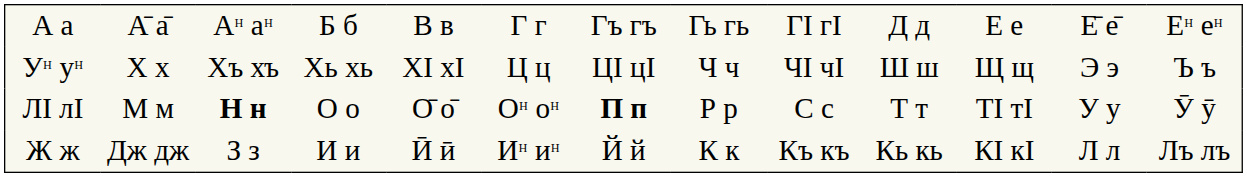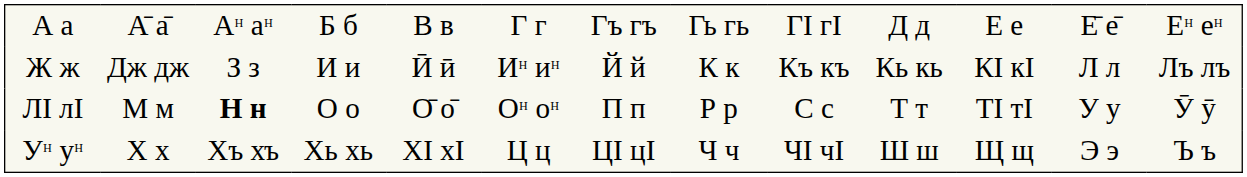 <table style="font-family:Arial Unicode MS; font-size:1.4em; border-color:#000; border-width:1px; border-style:solid; border-collapse:collapse; background:#f8f8ef;">
 <tr>
 <td style="width:3em; text-align:center; padding: 3px;">А а</td>
 <td style="width:3em; text-align:center; padding: 3px;">А̄ а̄</td>
 <td style="width:3em; text-align:center; padding: 3px;">Аᵸ аᵸ</td>
 <td style="width:3em; text-align:center; padding: 3px;">Б б</td>
 <td style="width:3em; text-align:center; padding: 3px;">В в</td>
 <td style="width:3em; text-align:center; padding: 3px;">Г г</td>
 <td style="width:3em; text-align:center; padding: 3px;">Гъ гъ</td>
 <td style="width:3em; text-align:center; padding: 3px;">Гь гь</td>
 <td style="width:3em; text-align:center; padding: 3px;">ГI гI</td>
 <td style="width:3em; text-align:center; padding: 3px;">Д д</td>
 <td style="width:3em; text-align:center; padding: 3px;">Е е</td>
 <td style="width:3em; text-align:center; padding: 3px;">Е̄ е̄</td>
 <td style="width:3em; text-align:center; padding: 3px;">Еᵸ еᵸ</td>
 </tr>
 <tr>
+<td style="width:3em; text-align:center; padding: 3px;">Ж ж</td>
+<td style="width:3em; text-align:center; padding: 3px;">Дж дж</td>
+<td style="width:3em; text-align:center; padding: 3px;">З з</td>
+<td style="width:3em; text-align:center; padding: 3px;">И и</td>
+<td style="width:3em; text-align:center; padding: 3px;">Ӣ ӣ</td>
+<td style="width:3em; text-align:center; padding: 3px;">Иᵸ иᵸ</td>
+<td style="width:3em; text-align:center; padding: 3px;">Й й</td>
+<td style="width:3em; text-align:center; padding: 3px;">К к</td>
+<td style="width:3em; text-align:center; padding: 3px;">Къ къ</td>
+<td style="width:3em; text-align:center; padding: 3px;">Кь кь</td>
+<td style="width:3em; text-align:center; padding: 3px;">КI кI</td>
+<td style="width:3em; text-align:center; padding: 3px;">Л л</td>
+<td style="width:3em; text-align:center; padding: 3px;">Лъ лъ</td>
+</tr>
+<tr>
+<td style="width:3em; text-align:center; padding: 3px;">ЛI лI</td>
+<td style="width:3em; text-align:center; padding: 3px;">М м</td>
+<td style="width:3em; text-align:center; padding: 3px;"><strong>Н н</strong></td>
+<td style="width:3em; text-align:center; padding: 3px;">О о</td>
+<td style="width:3em; text-align:center; padding: 3px;">О̄ о̄</td>
+<td style="width:3em; text-align:center; padding: 3px;">Оᵸ оᵸ</td>
+<td style="width:3em; text-align:center; padding: 3px;">П п</td>
+<td style="width:3em; text-align:center; padding: 3px;">Р р</td>
+<td style="width:3em; text-align:center; padding: 3px;">С с</td>
+<td style="width:3em; text-align:center; padding: 3px;">Т т</td>
+<td style="width:3em; text-align:center; padding: 3px;">ТI тI</td>
+<td style="width:3em; text-align:center; padding: 3px;">У у</td>
+<td style="width:3em; text-align:center; padding: 3px;">Ӯ ӯ</td>
+</tr>
+<tr>
 <td style="width:3em; text-align:center; padding: 3px;">Уᵸ уᵸ</td>
 <td style="width:3em; text-align:center; padding: 3px;">Х х</td>
 <td style="width:3em; text-align:center; padding: 3px;">Хъ хъ</td>
 <td style="width:3em; text-align:center; padding: 3px;">Хь хь</td>
 <td style="width:3em; text-align:center; padding: 3px;">ХI хI</td>
 <td style="width:3em; text-align:center; padding: 3px;">Ц ц</td>
 <td style="width:3em; text-align:center; padding: 3px;">ЦI цI</td>
 <td style="width:3em; text-align:center; padding: 3px;">Ч ч</td>
 <td style="width:3em; text-align:center; padding: 3px;">ЧI чI</td>
 <td style="width:3em; text-align:center; padding: 3px;">Ш ш</td>
 <td style="width:3em; text-align:center; padding: 3px;">Щ щ</td>
 <td style="width:3em; text-align:center; padding: 3px;">Э э</td>
 <td style="width:3em; text-align:center; padding: 3px;">Ъ ъ</td>
 </tr>
-<tr>
-<td style="width:3em; text-align:center; padding: 3px;">ЛI лI</td>
-<td style="width:3em; text-align:center; padding: 3px;">М м</td>
-<td style="width:3em; text-align:center; padding: 3px;"><strong>Н н</strong></td>
-<td style="width:3em; text-align:center; padding: 3px;">О о</td>
-<td style="width:3em; text-align:center; padding: 3px;">О̄ о̄</td>
-<td style="width:3em; text-align:center; padding: 3px;">Оᵸ оᵸ</td>
-<td style="width:3em; text-align:center; padding: 3px;"><strong>П п</strong></td>
-<td style="width:3em; text-align:center; padding: 3px;">Р р</td>
-<td style="width:3em; text-align:center; padding: 3px;">С с</td>
-<td style="width:3em; text-align:center; padding: 3px;">Т т</td>
-<td style="width:3em; text-align:center; padding: 3px;">ТI тI</td>
-<td style="width:3em; text-align:center; padding: 3px;">У у</td>
-<td style="width:3em; text-align:center; padding: 3px;">Ӯ ӯ</td>
-</tr>
-<tr>
-<td style="width:3em; text-align:center; padding: 3px;">Ж ж</td>
-<td style="width:3em; text-align:center; padding: 3px;">Дж дж</td>
-<td style="width:3em; text-align:center; padding: 3px;">З з</td>
-<td style="width:3em; text-align:center; padding: 3px;">И и</td>
-<td style="width:3em; text-align:center; padding: 3px;">Ӣ ӣ</td>
-<td style="width:3em; text-align:center; padding: 3px;">Иᵸ иᵸ</td>
-<td style="width:3em; text-align:center; padding: 3px;">Й й</td>
-<td style="width:3em; text-align:center; padding: 3px;">К к</td>
-<td style="width:3em; text-align:center; padding: 3px;">Къ къ</td>
-<td style="width:3em; text-align:center; padding: 3px;">Кь кь</td>
-<td style="width:3em; text-align:center; padding: 3px;">КI кI</td>
-<td style="width:3em; text-align:center; padding: 3px;">Л л</td>
-<td style="width:3em; text-align:center; padding: 3px;">Лъ лъ</td>
-</tr>
 </table>
